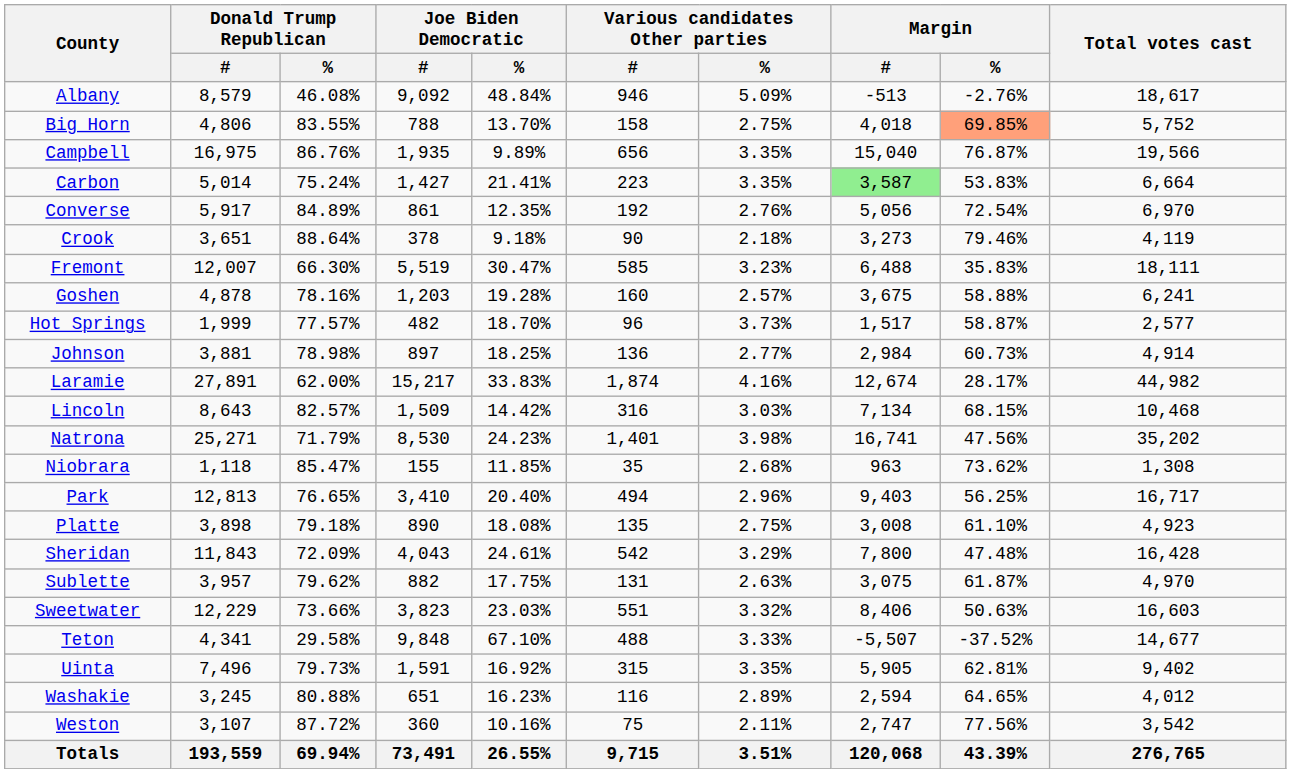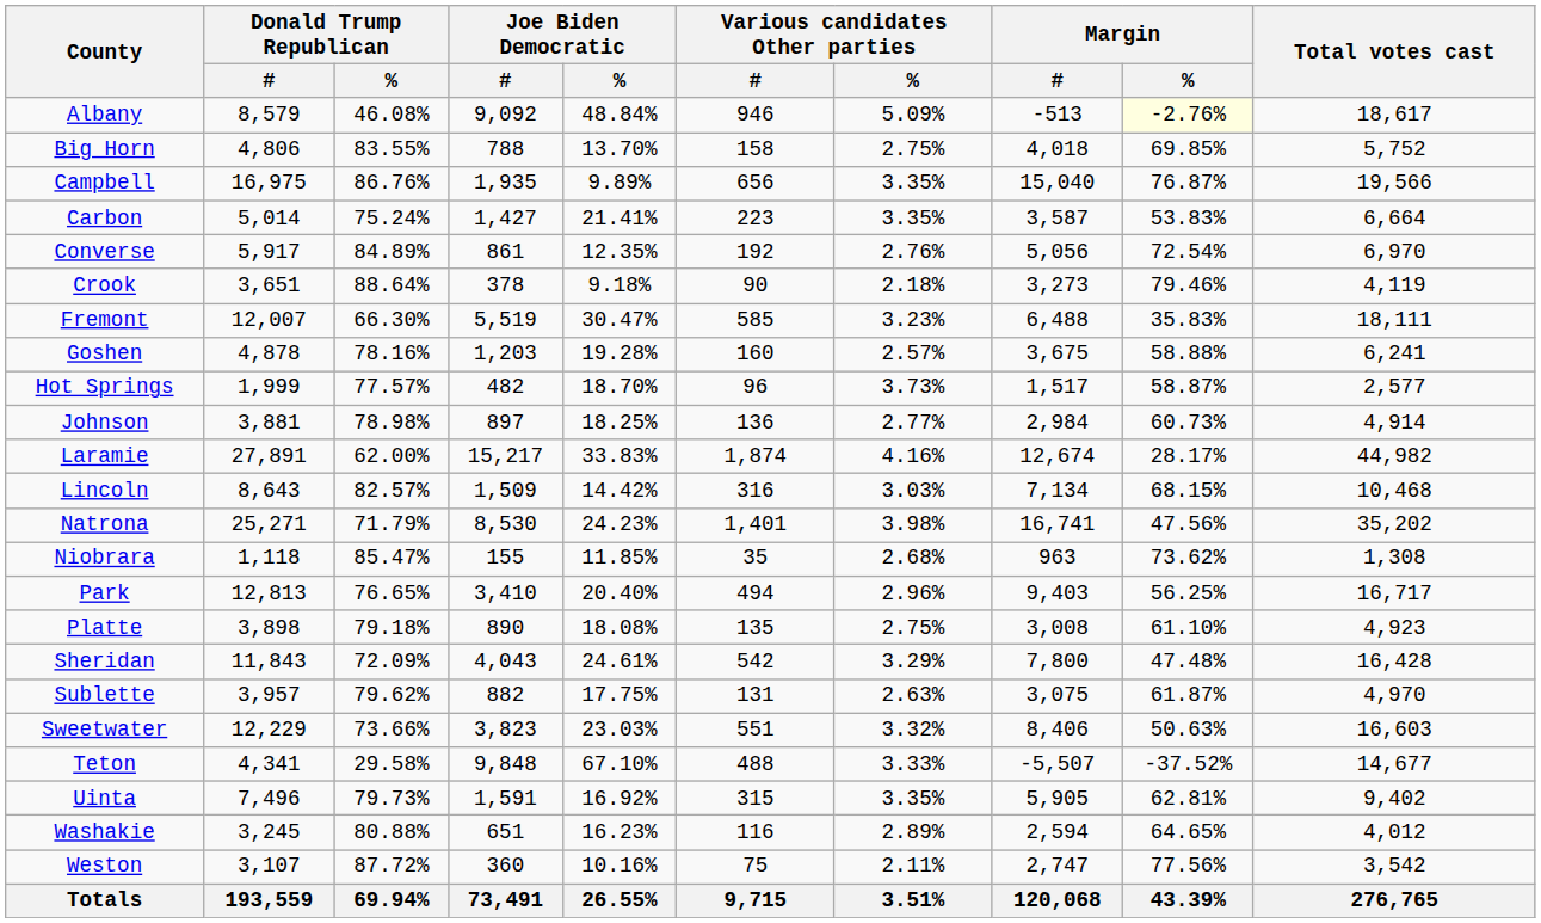 <table width="60%" class="wikitable sortable" style="text-align:center">
 <tr>
 <th style="text-align:center;" rowspan="2">County</th>
 <th style="text-align:center;" colspan="2">Donald Trump<br>Republican</th>
 <th style="text-align:center;" colspan="2">Joe Biden<br>Democratic</th>
 <th style="text-align:center;" colspan="2">Various candidates<br>Other parties</th>
 <th style="text-align:center;" colspan="2">Margin</th>
 <th style="text-align:center;" rowspan="2" style="text-align:center;">Total votes cast</th>
 </tr>
 <tr>
 <th style="text-align:center;" data-sort-type="number">#</th>
 <th style="text-align:center;" data-sort-type="number">%</th>
 <th style="text-align:center;" data-sort-type="number">#</th>
 <th style="text-align:center;" data-sort-type="number">%</th>
 <th style="text-align:center;" data-sort-type="number">#</th>
 <th style="text-align:center;" data-sort-type="number">%</th>
 <th style="text-align:center;" data-sort-type="number">#</th>
 <th style="text-align:center;" data-sort-type="number">%</th>
 </tr>
 <tr style="text-align:center;">
 <td><a href='#'>Albany</a></td>
 <td>8,579</td>
 <td>46.08%</td>
 <td>9,092</td>
 <td>48.84%</td>
 <td>946</td>
 <td>5.09%</td>
 <td>-513</td>
-<td>-2.76%</td>
+<td style="background: lightyellow;">-2.76%</td>
 <td>18,617</td>
 </tr>
 <tr style="text-align:center;">
 <td><a href='#'>Big Horn</a></td>
 <td>4,806</td>
 <td>83.55%</td>
 <td>788</td>
 <td>13.70%</td>
 <td>158</td>
 <td>2.75%</td>
 <td>4,018</td>
-<td style="background: lightsalmon;">69.85%</td>
+<td>69.85%</td>
 <td>5,752</td>
 </tr>
 <tr style="text-align:center;">
 <td><a href='#'>Campbell</a></td>
 <td>16,975</td>
 <td>86.76%</td>
 <td>1,935</td>
 <td>9.89%</td>
 <td>656</td>
 <td>3.35%</td>
 <td>15,040</td>
 <td>76.87%</td>
 <td>19,566</td>
 </tr>
 <tr style="text-align:center;">
 <td><a href='#'>Carbon</a></td>
 <td>5,014</td>
 <td>75.24%</td>
 <td>1,427</td>
 <td>21.41%</td>
 <td>223</td>
 <td>3.35%</td>
-<td style="background: lightgreen;">3,587</td>
+<td>3,587</td>
 <td>53.83%</td>
 <td>6,664</td>
 </tr>
 <tr style="text-align:center;">
 <td><a href='#'>Converse</a></td>
 <td>5,917</td>
 <td>84.89%</td>
 <td>861</td>
 <td>12.35%</td>
 <td>192</td>
 <td>2.76%</td>
 <td>5,056</td>
 <td>72.54%</td>
 <td>6,970</td>
 </tr>
 <tr style="text-align:center;">
 <td><a href='#'>Crook</a></td>
 <td>3,651</td>
 <td>88.64%</td>
 <td>378</td>
 <td>9.18%</td>
 <td>90</td>
 <td>2.18%</td>
 <td>3,273</td>
 <td>79.46%</td>
 <td>4,119</td>
 </tr>
 <tr style="text-align:center;">
 <td><a href='#'>Fremont</a></td>
 <td>12,007</td>
 <td>66.30%</td>
 <td>5,519</td>
 <td>30.47%</td>
 <td>585</td>
 <td>3.23%</td>
 <td>6,488</td>
 <td>35.83%</td>
 <td>18,111</td>
 </tr>
 <tr style="text-align:center;">
 <td><a href='#'>Goshen</a></td>
 <td>4,878</td>
 <td>78.16%</td>
 <td>1,203</td>
 <td>19.28%</td>
 <td>160</td>
 <td>2.57%</td>
 <td>3,675</td>
 <td>58.88%</td>
 <td>6,241</td>
 </tr>
 <tr style="text-align:center;">
 <td><a href='#'>Hot Springs</a></td>
 <td>1,999</td>
 <td>77.57%</td>
 <td>482</td>
 <td>18.70%</td>
 <td>96</td>
 <td>3.73%</td>
 <td>1,517</td>
 <td>58.87%</td>
 <td>2,577</td>
 </tr>
 <tr style="text-align:center;">
 <td><a href='#'>Johnson</a></td>
 <td>3,881</td>
 <td>78.98%</td>
 <td>897</td>
 <td>18.25%</td>
 <td>136</td>
 <td>2.77%</td>
 <td>2,984</td>
 <td>60.73%</td>
 <td>4,914</td>
 </tr>
 <tr style="text-align:center;">
 <td><a href='#'>Laramie</a></td>
 <td>27,891</td>
 <td>62.00%</td>
 <td>15,217</td>
 <td>33.83%</td>
 <td>1,874</td>
 <td>4.16%</td>
 <td>12,674</td>
 <td>28.17%</td>
 <td>44,982</td>
 </tr>
 <tr style="text-align:center;">
 <td><a href='#'>Lincoln</a></td>
 <td>8,643</td>
 <td>82.57%</td>
 <td>1,509</td>
 <td>14.42%</td>
 <td>316</td>
 <td>3.03%</td>
 <td>7,134</td>
 <td>68.15%</td>
 <td>10,468</td>
 </tr>
 <tr style="text-align:center;">
 <td><a href='#'>Natrona</a></td>
 <td>25,271</td>
 <td>71.79%</td>
 <td>8,530</td>
 <td>24.23%</td>
 <td>1,401</td>
 <td>3.98%</td>
 <td>16,741</td>
 <td>47.56%</td>
 <td>35,202</td>
 </tr>
 <tr style="text-align:center;">
 <td><a href='#'>Niobrara</a></td>
 <td>1,118</td>
 <td>85.47%</td>
 <td>155</td>
 <td>11.85%</td>
 <td>35</td>
 <td>2.68%</td>
 <td>963</td>
 <td>73.62%</td>
 <td>1,308</td>
 </tr>
 <tr style="text-align:center;">
 <td><a href='#'>Park</a></td>
 <td>12,813</td>
 <td>76.65%</td>
 <td>3,410</td>
 <td>20.40%</td>
 <td>494</td>
 <td>2.96%</td>
 <td>9,403</td>
 <td>56.25%</td>
 <td>16,717</td>
 </tr>
 <tr style="text-align:center;">
 <td><a href='#'>Platte</a></td>
 <td>3,898</td>
 <td>79.18%</td>
 <td>890</td>
 <td>18.08%</td>
 <td>135</td>
 <td>2.75%</td>
 <td>3,008</td>
 <td>61.10%</td>
 <td>4,923</td>
 </tr>
 <tr style="text-align:center;">
 <td><a href='#'>Sheridan</a></td>
 <td>11,843</td>
 <td>72.09%</td>
 <td>4,043</td>
 <td>24.61%</td>
 <td>542</td>
 <td>3.29%</td>
 <td>7,800</td>
 <td>47.48%</td>
 <td>16,428</td>
 </tr>
 <tr style="text-align:center;">
 <td><a href='#'>Sublette</a></td>
 <td>3,957</td>
 <td>79.62%</td>
 <td>882</td>
 <td>17.75%</td>
 <td>131</td>
 <td>2.63%</td>
 <td>3,075</td>
 <td>61.87%</td>
 <td>4,970</td>
 </tr>
 <tr style="text-align:center;">
 <td><a href='#'>Sweetwater</a></td>
 <td>12,229</td>
 <td>73.66%</td>
 <td>3,823</td>
 <td>23.03%</td>
 <td>551</td>
 <td>3.32%</td>
 <td>8,406</td>
 <td>50.63%</td>
 <td>16,603</td>
 </tr>
 <tr style="text-align:center;">
 <td><a href='#'>Teton</a></td>
 <td>4,341</td>
 <td>29.58%</td>
 <td>9,848</td>
 <td>67.10%</td>
 <td>488</td>
 <td>3.33%</td>
 <td>-5,507</td>
 <td>-37.52%</td>
 <td>14,677</td>
 </tr>
 <tr style="text-align:center;">
 <td><a href='#'>Uinta</a></td>
 <td>7,496</td>
 <td>79.73%</td>
 <td>1,591</td>
 <td>16.92%</td>
 <td>315</td>
 <td>3.35%</td>
 <td>5,905</td>
 <td>62.81%</td>
 <td>9,402</td>
 </tr>
 <tr style="text-align:center;">
 <td><a href='#'>Washakie</a></td>
 <td>3,245</td>
 <td>80.88%</td>
 <td>651</td>
 <td>16.23%</td>
 <td>116</td>
 <td>2.89%</td>
 <td>2,594</td>
 <td>64.65%</td>
 <td>4,012</td>
 </tr>
 <tr style="text-align:center;">
 <td><a href='#'>Weston</a></td>
 <td>3,107</td>
 <td>87.72%</td>
 <td>360</td>
 <td>10.16%</td>
 <td>75</td>
 <td>2.11%</td>
 <td>2,747</td>
 <td>77.56%</td>
 <td>3,542</td>
 </tr>
 <tr style="text-align:center;">
 <th>Totals</th>
 <th>193,559</th>
 <th>69.94%</th>
 <th>73,491</th>
 <th>26.55%</th>
 <th>9,715</th>
 <th>3.51%</th>
 <th>120,068</th>
 <th>43.39%</th>
 <th>276,765</th>
 </tr>
 </table>
